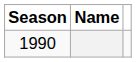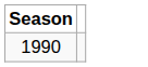 <table class="wikitable sortable plainrowheaders" style="text-align:center">
 <tr>
 <th scope="col" style="background-color:#ffffff; border-top:#">Season</th>
-<th scope="col" style="background-color:#ffffff; border-top:#">Name</th>
 <th scope="col" class="unsortable" style="background-color:#ffffff; border-top:#"></th>
 </tr>
 <tr>
 <td>1990</td>
-<th scope="row" style="text-align:center"></th>
 <td></td>
 </tr>
 </table>
